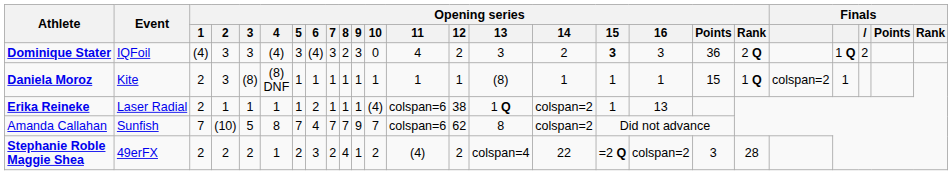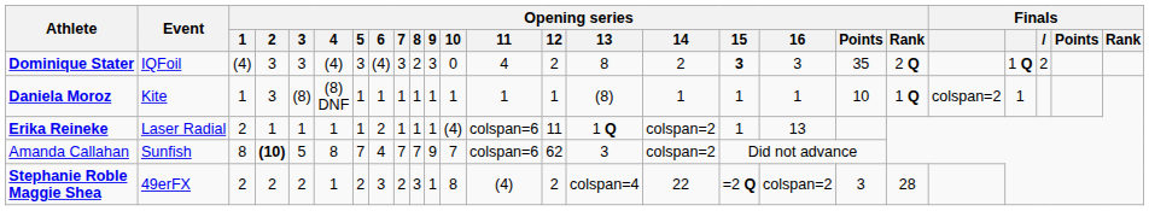 <table class=wikitable style=font-size:90%;text-align:center>
 <tr>
 <th rowspan=2>Athlete</th>
 <th rowspan=2>Event</th>
 <th colspan=18>Opening series</th>
 <th colspan=5>Finals</th>
 </tr>
 <tr style=font-size:95%>
 <th>1</th>
 <th>2</th>
 <th>3</th>
 <th>4</th>
 <th>5</th>
 <th>6</th>
 <th>7</th>
 <th>8</th>
 <th>9</th>
 <th>10</th>
 <th>11</th>
 <th>12</th>
 <th>13</th>
 <th>14</th>
 <th>15</th>
 <th>16</th>
 <th>Points</th>
 <th>Rank</th>
 <th></th>
 <th></th>
 <th> / </th>
 <th>Points</th>
 <th>Rank</th>
 </tr>
 <tr>
 <td align=left><strong><a href='#'>Dominique Stater</a></strong></td>
 <td align=left><a href='#'>IQFoil</a></td>
 <td>(4)</td>
 <td>3</td>
 <td>3</td>
 <td>(4)</td>
 <td>3</td>
 <td>(4)</td>
 <td>3</td>
 <td>2</td>
 <td>3</td>
 <td>0</td>
 <td>4</td>
 <td>2</td>
-<td>3</td>
+<td>8</td>
 <td>2</td>
 <td><strong>3</strong></td>
 <td>3</td>
-<td>36</td>
+<td>35</td>
 <td>2 <strong>Q</strong></td>
 <td></td>
 <td>1 <strong>Q</strong></td>
 <td>2</td>
 <td></td>
 <td></td>
 </tr>
 <tr>
 <td align=left><strong><a href='#'>Daniela Moroz</a></strong></td>
 <td align=left><a href='#'>Kite</a></td>
-<td>2</td>
+<td>1</td>
 <td>3</td>
 <td>(8)<br></td>
 <td>(8)<br>DNF</td>
 <td>1</td>
 <td>1</td>
 <td>1</td>
 <td>1</td>
 <td>1</td>
 <td>1</td>
 <td>1</td>
 <td>1</td>
 <td>(8)<br></td>
 <td>1</td>
 <td>1</td>
 <td>1</td>
-<td>15</td>
+<td>10</td>
 <td>1 <strong>Q</strong></td>
 <td>colspan=2 </td>
 <td>1</td>
 <td></td>
 <td></td>
 </tr>
 <tr>
 <td align=left><strong><a href='#'>Erika Reineke</a></strong></td>
 <td align=left><a href='#'>Laser Radial</a></td>
 <td>2</td>
 <td>1</td>
 <td>1</td>
 <td>1</td>
 <td>1</td>
 <td>2</td>
 <td>1</td>
 <td>1</td>
 <td>1</td>
 <td>(4)</td>
 <td>colspan=6 </td>
-<td>38</td>
+<td>11</td>
 <td>1 <strong>Q</strong></td>
 <td>colspan=2 </td>
 <td>1</td>
 <td>13</td>
 <td></td>
 </tr>
 <tr>
 <td align=left><a href='#'>Amanda Callahan</a></td>
 <td align=left><a href='#'>Sunfish</a></td>
-<td>7</td>
-<td>(10)</td>
+<td>8</td>
+<td><strong>(10)</strong></td>
 <td>5</td>
 <td>8</td>
 <td>7</td>
 <td>4</td>
 <td>7</td>
 <td>7</td>
 <td>9</td>
 <td>7</td>
 <td>colspan=6 </td>
 <td>62</td>
-<td>8</td>
+<td>3</td>
 <td>colspan=2 </td>
 <td colspan=3>Did not advance</td>
 </tr>
 <tr>
 <td align=left><strong><a href='#'>Stephanie Roble</a><br><a href='#'>Maggie Shea</a></strong></td>
 <td align=left><a href='#'>49erFX</a></td>
 <td>2</td>
 <td>2</td>
 <td>2</td>
 <td>1</td>
 <td>2</td>
 <td>3</td>
 <td>2</td>
-<td>4</td>
+<td>3</td>
 <td>1</td>
-<td>2</td>
+<td>8</td>
 <td>(4)</td>
 <td>2</td>
 <td>colspan=4 </td>
 <td>22</td>
 <td>=2 <strong>Q</strong></td>
 <td>colspan=2 </td>
 <td>3</td>
 <td>28</td>
 <td></td>
 </tr>
 </table>
